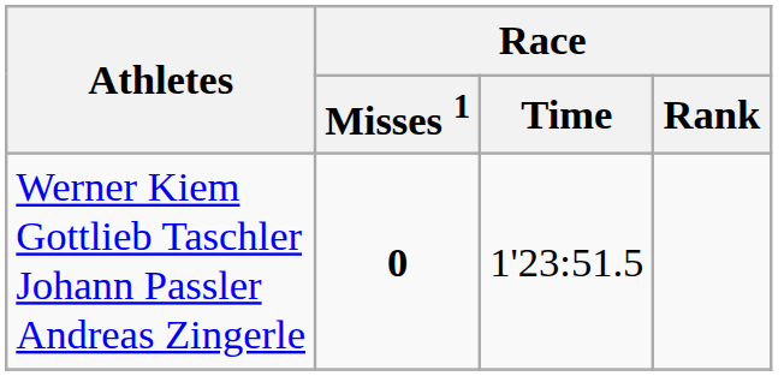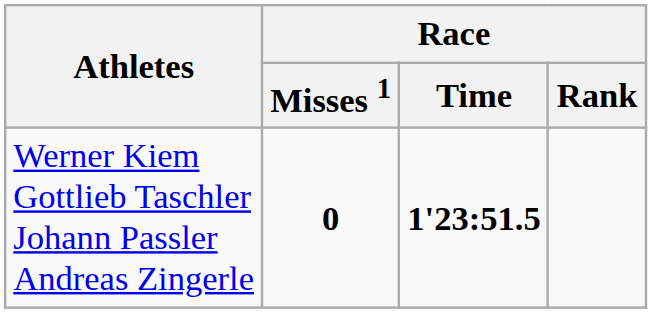 <table class="wikitable" border="1" style="font-size:90%">
 <tr>
 <th rowspan=2>Athletes</th>
 <th colspan=3>Race</th>
 </tr>
 <tr>
 <th>Misses <sup>1</sup></th>
 <th>Time</th>
 <th>Rank</th>
 </tr>
 <tr>
 <td><a href='#'>Werner Kiem</a><br><a href='#'>Gottlieb Taschler</a><br><a href='#'>Johann Passler</a><br><a href='#'>Andreas Zingerle</a></td>
 <td align=center><strong>0</strong></td>
-<td align=center>1'23:51.5</td>
+<td align=center><strong>1'23:51.5</strong></td>
 <td align=center></td>
 </tr>
 </table>
